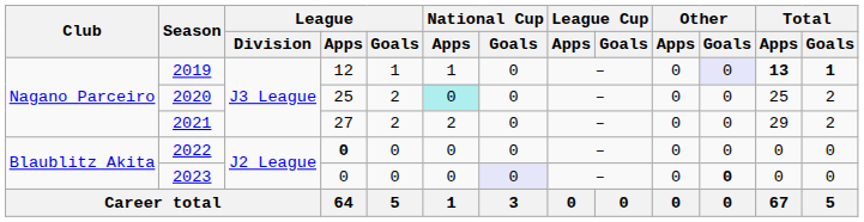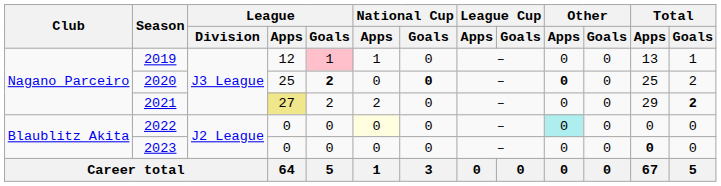 <table class="wikitable" style="text-align: center">
 <tr>
 <th rowspan="2">Club</th>
 <th rowspan="2">Season</th>
 <th colspan="3">League</th>
 <th colspan="2">National Cup</th>
 <th colspan="2">League Cup</th>
 <th colspan="2">Other</th>
 <th colspan="2">Total</th>
 </tr>
 <tr>
 <th>Division</th>
 <th>Apps</th>
 <th>Goals</th>
 <th>Apps</th>
 <th>Goals</th>
 <th>Apps</th>
 <th>Goals</th>
 <th>Apps</th>
 <th>Goals</th>
 <th>Apps</th>
 <th>Goals</th>
 </tr>
 <tr>
 <td rowspan="3"><a href='#'>Nagano Parceiro</a></td>
 <td><a href='#'>2019</a></td>
 <td rowspan="3"><a href='#'>J3 League</a></td>
 <td>12</td>
-<td>1</td>
+<td style="background: pink;">1</td>
 <td>1</td>
 <td>0</td>
 <td colspan="2">–</td>
 <td>0</td>
-<td style="background: lavender;">0</td>
-<td><strong>13</strong></td>
-<td><strong>1</strong></td>
+<td>0</td>
+<td>13</td>
+<td>1</td>
 </tr>
 <tr>
 <td><a href='#'>2020</a></td>
 <td>25</td>
-<td>2</td>
-<td style="background: paleturquoise;">0</td>
+<td><strong>2</strong></td>
 <td>0</td>
+<td><strong>0</strong></td>
 <td colspan="2">–</td>
-<td>0</td>
+<td><strong>0</strong></td>
 <td>0</td>
 <td>25</td>
 <td>2</td>
 </tr>
 <tr>
 <td><a href='#'>2021</a></td>
-<td>27</td>
+<td style="background: khaki;">27</td>
 <td>2</td>
 <td>2</td>
 <td>0</td>
 <td colspan="2">–</td>
 <td>0</td>
 <td>0</td>
 <td>29</td>
-<td>2</td>
+<td><strong>2</strong></td>
 </tr>
 <tr>
 <td rowspan="2"><a href='#'>Blaublitz Akita</a></td>
 <td><a href='#'>2022</a></td>
 <td rowspan="2"><a href='#'>J2 League</a></td>
-<td><strong>0</strong></td>
 <td>0</td>
 <td>0</td>
+<td style="background: lightyellow;">0</td>
 <td>0</td>
 <td colspan="2">–</td>
-<td>0</td>
+<td style="background: paleturquoise;">0</td>
 <td>0</td>
 <td>0</td>
 <td>0</td>
 </tr>
 <tr>
 <td><a href='#'>2023</a></td>
 <td>0</td>
 <td>0</td>
 <td>0</td>
-<td style="background: lavender;">0</td>
+<td>0</td>
 <td colspan="2">–</td>
 <td>0</td>
+<td>0</td>
 <td><strong>0</strong></td>
-<td>0</td>
 <td>0</td>
 </tr>
 <tr>
 <th colspan=3>Career total</th>
 <th>64</th>
 <th>5</th>
 <th>1</th>
 <th>3</th>
 <th>0</th>
 <th>0</th>
 <th>0</th>
 <th>0</th>
 <th>67</th>
 <th>5</th>
 </tr>
 </table>
